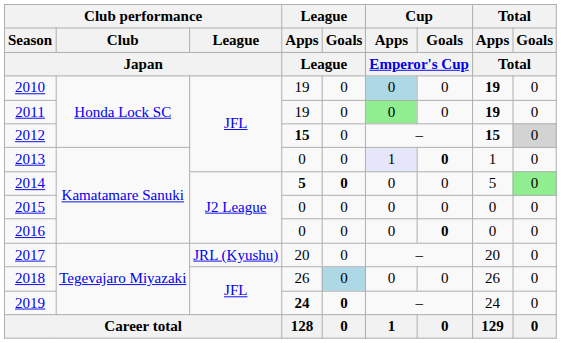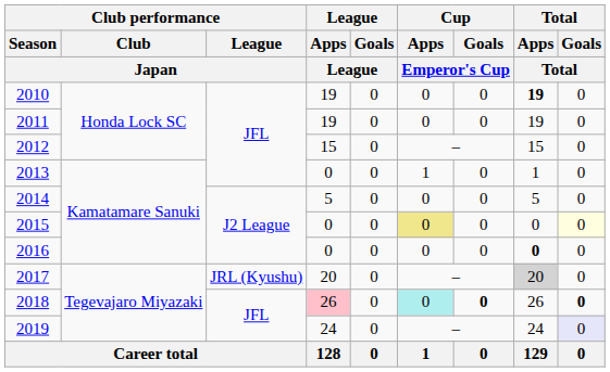 <table class="wikitable" style="text-align:center">
 <tr>
 <th colspan=3>Club performance</th>
 <th colspan=2>League</th>
 <th colspan=2>Cup</th>
 <th colspan=2>Total</th>
 </tr>
 <tr>
 <th>Season</th>
 <th>Club</th>
 <th>League</th>
 <th>Apps</th>
 <th>Goals</th>
 <th>Apps</th>
 <th>Goals</th>
 <th>Apps</th>
 <th>Goals</th>
 </tr>
 <tr>
 <th colspan=3>Japan</th>
 <th colspan=2>League</th>
 <th colspan=2><a href='#'>Emperor's Cup</a></th>
 <th colspan=2>Total</th>
 </tr>
 <tr>
 <td><a href='#'>2010</a></td>
 <td rowspan="3"><a href='#'>Honda Lock SC</a></td>
 <td rowspan="4"><a href='#'>JFL</a></td>
 <td>19</td>
 <td>0</td>
-<td style="background: lightblue;">0</td>
+<td>0</td>
 <td>0</td>
 <td><strong>19</strong></td>
 <td>0</td>
 </tr>
 <tr>
 <td><a href='#'>2011</a></td>
 <td>19</td>
 <td>0</td>
-<td style="background: lightgreen;">0</td>
 <td>0</td>
-<td><strong>19</strong></td>
+<td>0</td>
+<td>19</td>
 <td>0</td>
 </tr>
 <tr>
 <td><a href='#'>2012</a></td>
-<td><strong>15</strong></td>
+<td>15</td>
 <td>0</td>
 <td colspan="2">–</td>
-<td><strong>15</strong></td>
-<td style="background: lightgrey;">0</td>
+<td>15</td>
+<td>0</td>
 </tr>
 <tr>
 <td><a href='#'>2013</a></td>
 <td rowspan="4"><a href='#'>Kamatamare Sanuki</a></td>
 <td>0</td>
 <td>0</td>
-<td style="background: lavender;">1</td>
-<td><strong>0</strong></td>
+<td>1</td>
+<td>0</td>
 <td>1</td>
 <td>0</td>
 </tr>
 <tr>
 <td><a href='#'>2014</a></td>
 <td rowspan="3"><a href='#'>J2 League</a></td>
-<td><strong>5</strong></td>
-<td><strong>0</strong></td>
+<td>5</td>
+<td>0</td>
 <td>0</td>
 <td>0</td>
 <td>5</td>
-<td style="background: lightgreen;">0</td>
+<td>0</td>
 </tr>
 <tr>
 <td><a href='#'>2015</a></td>
 <td>0</td>
 <td>0</td>
+<td style="background: khaki;">0</td>
 <td>0</td>
 <td>0</td>
-<td>0</td>
-<td>0</td>
+<td style="background: lightyellow;">0</td>
 </tr>
 <tr>
 <td><a href='#'>2016</a></td>
 <td>0</td>
 <td>0</td>
 <td>0</td>
+<td>0</td>
 <td><strong>0</strong></td>
-<td>0</td>
 <td>0</td>
 </tr>
 <tr>
 <td><a href='#'>2017</a></td>
 <td rowspan="3"><a href='#'>Tegevajaro Miyazaki</a></td>
 <td><a href='#'>JRL (Kyushu)</a></td>
 <td>20</td>
 <td>0</td>
 <td colspan="2">–</td>
-<td>20</td>
+<td style="background: lightgrey;">20</td>
 <td>0</td>
 </tr>
 <tr>
 <td><a href='#'>2018</a></td>
 <td rowspan="2"><a href='#'>JFL</a></td>
+<td style="background: pink;">26</td>
+<td>0</td>
+<td style="background: paleturquoise;">0</td>
+<td><strong>0</strong></td>
 <td>26</td>
-<td style="background: lightblue;">0</td>
-<td>0</td>
-<td>0</td>
-<td>26</td>
-<td>0</td>
+<td><strong>0</strong></td>
 </tr>
 <tr>
 <td><a href='#'>2019</a></td>
-<td><strong>24</strong></td>
-<td><strong>0</strong></td>
+<td>24</td>
+<td>0</td>
 <td colspan="2">–</td>
 <td>24</td>
-<td>0</td>
+<td style="background: lavender;">0</td>
 </tr>
 <tr>
 <th colspan=3>Career total</th>
 <th>128</th>
 <th>0</th>
 <th>1</th>
 <th>0</th>
 <th>129</th>
 <th>0</th>
 </tr>
 </table>
